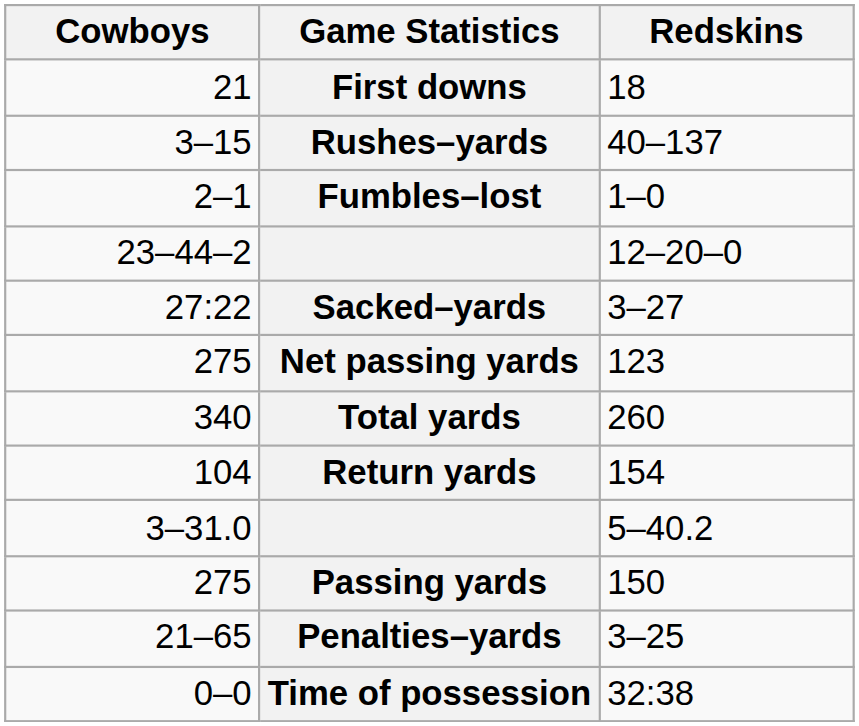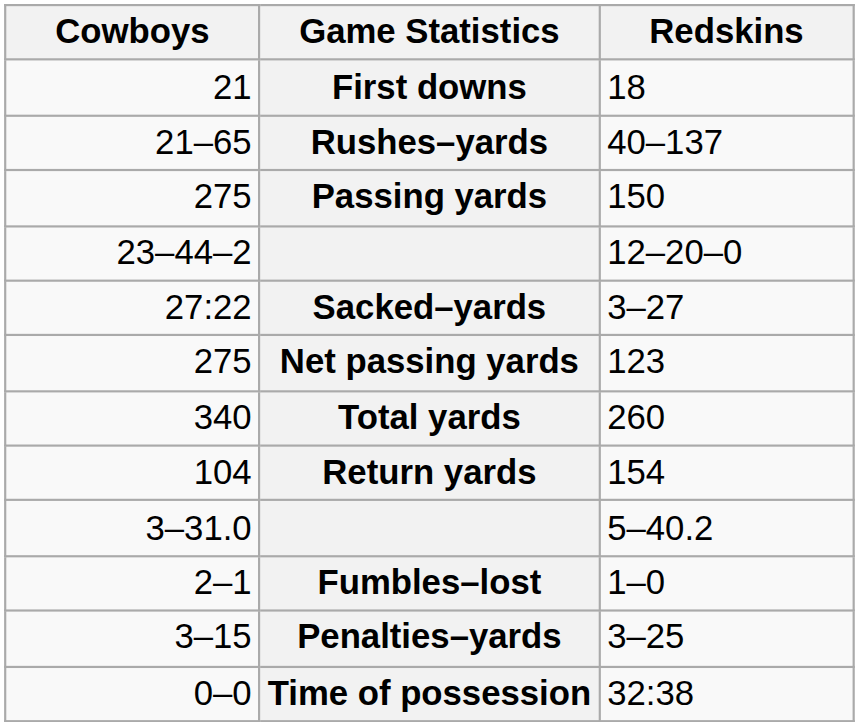 <table class="wikitable" style="margin: 1em auto 1em auto">
 <tr>
 <th style="width:30%;">Cowboys</th>
 <th style="width:40%;">Game Statistics</th>
 <th style="width:30%;">Redskins</th>
 </tr>
 <tr>
 <td style="text-align:right;">21</td>
 <th>First downs</th>
 <td>18</td>
 </tr>
 <tr>
-<td style="text-align:right;">3–15</td>
+<td style="text-align:right;">21–65</td>
 <th>Rushes–yards</th>
 <td>40–137</td>
 </tr>
 <tr>
-<td style="text-align:right;">2–1</td>
-<th>Fumbles–lost</th>
-<td>1–0</td>
+<td style="text-align:right;">275</td>
+<th>Passing yards</th>
+<td>150</td>
 </tr>
 <tr>
 <td style="text-align:right;">23–44–2</td>
 <th></th>
 <td>12–20–0</td>
 </tr>
 <tr>
 <td style="text-align:right;">27:22</td>
 <th>Sacked–yards</th>
 <td>3–27</td>
 </tr>
 <tr>
 <td style="text-align:right;">275</td>
 <th>Net passing yards</th>
 <td>123</td>
 </tr>
 <tr>
 <td style="text-align:right;">340</td>
 <th>Total yards</th>
 <td>260</td>
 </tr>
 <tr>
 <td style="text-align:right;">104</td>
 <th>Return yards</th>
 <td>154</td>
 </tr>
 <tr>
 <td style="text-align:right;">3–31.0</td>
 <th></th>
 <td>5–40.2</td>
 </tr>
 <tr>
-<td style="text-align:right;">275</td>
-<th>Passing yards</th>
-<td>150</td>
+<td style="text-align:right;">2–1</td>
+<th>Fumbles–lost</th>
+<td>1–0</td>
 </tr>
 <tr>
-<td style="text-align:right;">21–65</td>
+<td style="text-align:right;">3–15</td>
 <th>Penalties–yards</th>
 <td>3–25</td>
 </tr>
 <tr>
 <td style="text-align:right;">0–0</td>
 <th>Time of possession</th>
 <td>32:38</td>
 </tr>
 </table>
